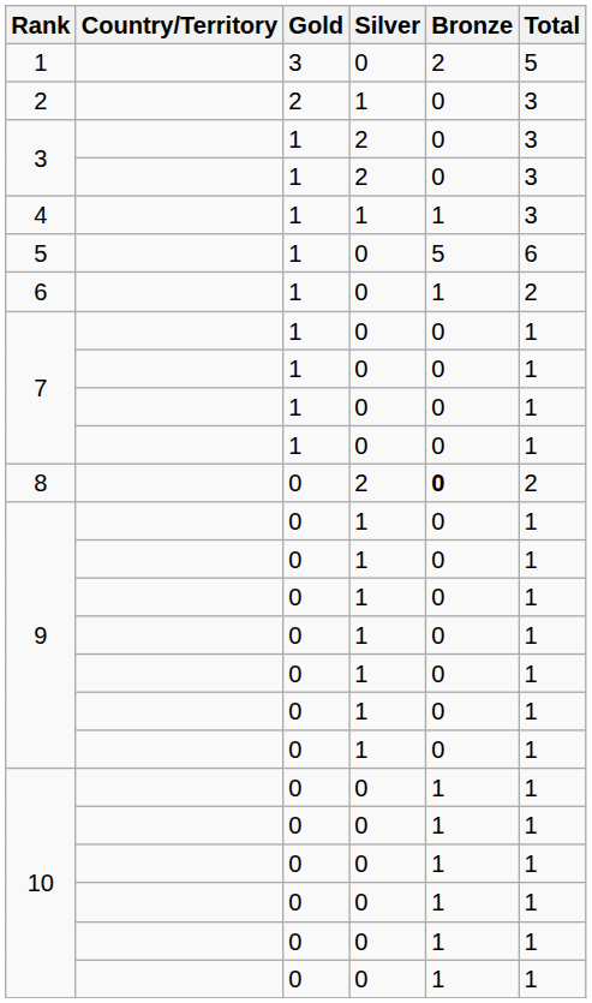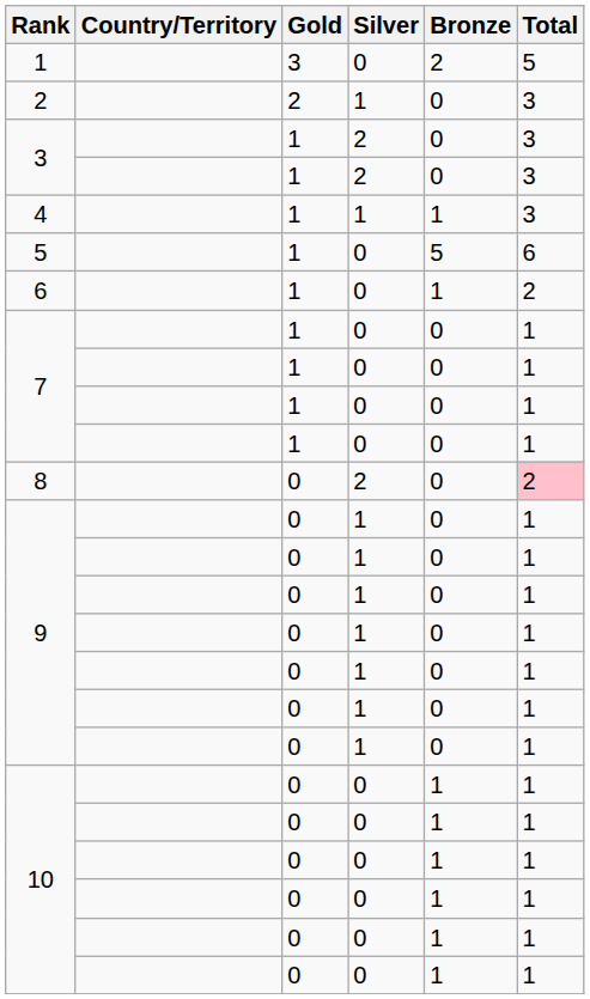 <table class="wikitable sortable" style="font-size:95%;">
 <tr>
 <th>Rank</th>
 <th>Country/Territory</th>
 <th>Gold </th>
 <th>Silver </th>
 <th>Bronze </th>
 <th>Total</th>
 </tr>
 <tr>
 <td align="center">1</td>
 <td></td>
 <td>3</td>
 <td>0</td>
 <td>2</td>
 <td>5</td>
 </tr>
 <tr>
 <td align="center">2</td>
 <td></td>
 <td>2</td>
 <td>1</td>
 <td>0</td>
 <td>3</td>
 </tr>
 <tr>
 <td rowspan="2" align="center">3</td>
 <td></td>
 <td>1</td>
 <td>2</td>
 <td>0</td>
 <td>3</td>
 </tr>
 <tr>
 <td></td>
 <td>1</td>
 <td>2</td>
 <td>0</td>
 <td>3</td>
 </tr>
 <tr>
 <td align="center">4</td>
 <td></td>
 <td>1</td>
 <td>1</td>
 <td>1</td>
 <td>3</td>
 </tr>
 <tr>
 <td align="center">5</td>
 <td></td>
 <td>1</td>
 <td>0</td>
 <td>5</td>
 <td>6</td>
 </tr>
 <tr>
 <td align="center">6</td>
 <td></td>
 <td>1</td>
 <td>0</td>
 <td>1</td>
 <td>2</td>
 </tr>
 <tr>
 <td rowspan="4" align="center">7</td>
 <td></td>
 <td>1</td>
 <td>0</td>
 <td>0</td>
 <td>1</td>
 </tr>
 <tr>
 <td></td>
 <td>1</td>
 <td>0</td>
 <td>0</td>
 <td>1</td>
 </tr>
 <tr>
 <td></td>
 <td>1</td>
 <td>0</td>
 <td>0</td>
 <td>1</td>
 </tr>
 <tr>
 <td></td>
 <td>1</td>
 <td>0</td>
 <td>0</td>
 <td>1</td>
 </tr>
 <tr>
 <td align="center">8</td>
 <td></td>
 <td>0</td>
 <td>2</td>
-<td><strong>0</strong></td>
-<td>2</td>
+<td>0</td>
+<td style="background: pink;">2</td>
 </tr>
 <tr>
 <td rowspan="7" align="center">9</td>
 <td></td>
 <td>0</td>
 <td>1</td>
 <td>0</td>
 <td>1</td>
 </tr>
 <tr>
 <td></td>
 <td>0</td>
 <td>1</td>
 <td>0</td>
 <td>1</td>
 </tr>
 <tr>
 <td></td>
 <td>0</td>
 <td>1</td>
 <td>0</td>
 <td>1</td>
 </tr>
 <tr>
 <td></td>
 <td>0</td>
 <td>1</td>
 <td>0</td>
 <td>1</td>
 </tr>
 <tr>
 <td></td>
 <td>0</td>
 <td>1</td>
 <td>0</td>
 <td>1</td>
 </tr>
 <tr>
 <td></td>
 <td>0</td>
 <td>1</td>
 <td>0</td>
 <td>1</td>
 </tr>
 <tr>
 <td></td>
 <td>0</td>
 <td>1</td>
 <td>0</td>
 <td>1</td>
 </tr>
 <tr>
 <td rowspan="6" align="center">10</td>
 <td></td>
 <td>0</td>
 <td>0</td>
 <td>1</td>
 <td>1</td>
 </tr>
 <tr>
 <td></td>
 <td>0</td>
 <td>0</td>
 <td>1</td>
 <td>1</td>
 </tr>
 <tr>
 <td></td>
 <td>0</td>
 <td>0</td>
 <td>1</td>
 <td>1</td>
 </tr>
 <tr>
 <td></td>
 <td>0</td>
 <td>0</td>
 <td>1</td>
 <td>1</td>
 </tr>
 <tr>
 <td></td>
 <td>0</td>
 <td>0</td>
 <td>1</td>
 <td>1</td>
 </tr>
 <tr>
 <td></td>
 <td>0</td>
 <td>0</td>
 <td>1</td>
 <td>1</td>
 </tr>
 <tr>
 </tr>
 </table>
